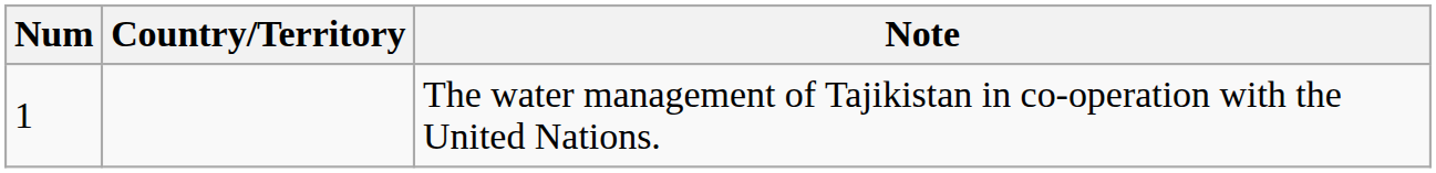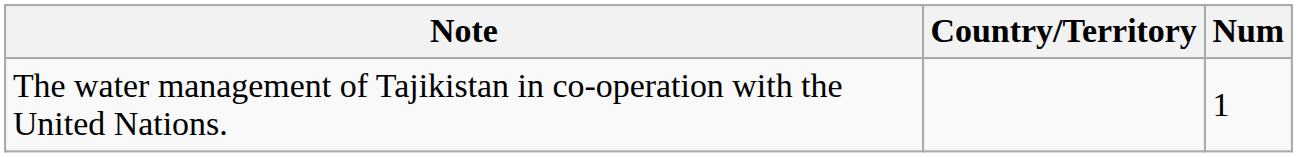 <table class="wikitable">
 <tr>
+<th>Note</th>
+<th>Country/Territory</th>
 <th>Num</th>
-<th>Country/Territory</th>
-<th>Note</th>
 </tr>
 <tr>
+<td>The water management of Tajikistan in co-operation with the United Nations.</td>
+<td></td>
 <td>1</td>
-<td></td>
-<td>The water management of Tajikistan in co-operation with the United Nations.</td>
 </tr>
 </table>
